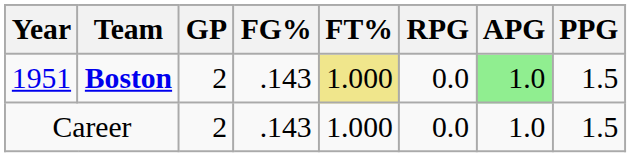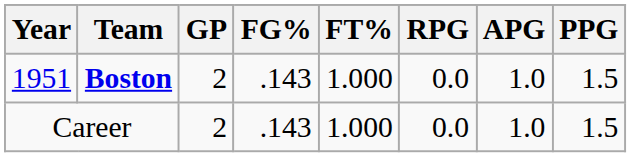 <table class="wikitable sortable" style="font-size:95%; text-align:right;">
 <tr>
 <th>Year</th>
 <th>Team</th>
 <th>GP</th>
 <th>FG%</th>
 <th>FT%</th>
 <th>RPG</th>
 <th>APG</th>
 <th>PPG</th>
 </tr>
 <tr>
 <td style="text-align:left;"><a href='#'>1951</a></td>
 <td style="text-align:left;"><strong><a href='#'>Boston</a></strong></td>
 <td>2</td>
 <td>.143</td>
-<td style="background: khaki;">1.000</td>
+<td>1.000</td>
 <td>0.0</td>
-<td style="background: lightgreen;">1.0</td>
+<td>1.0</td>
 <td>1.5</td>
 </tr>
 <tr>
 <td colspan="2" style="text-align:center;">Career</td>
 <td>2</td>
 <td>.143</td>
 <td>1.000</td>
 <td>0.0</td>
 <td>1.0</td>
 <td>1.5</td>
 </tr>
 </table>
